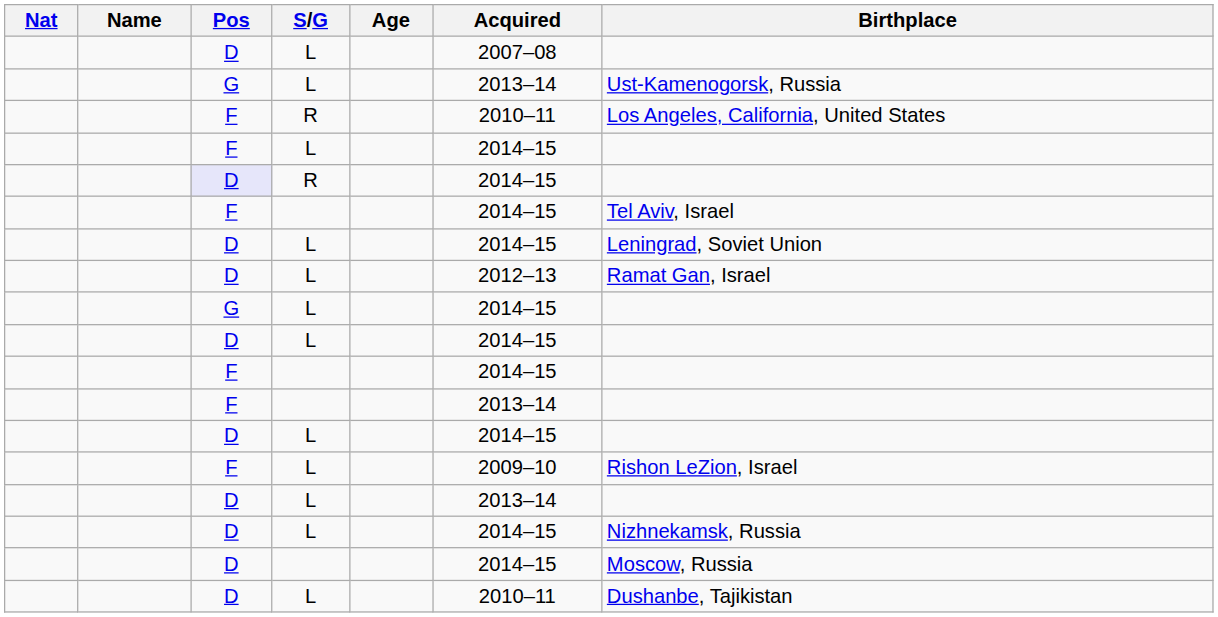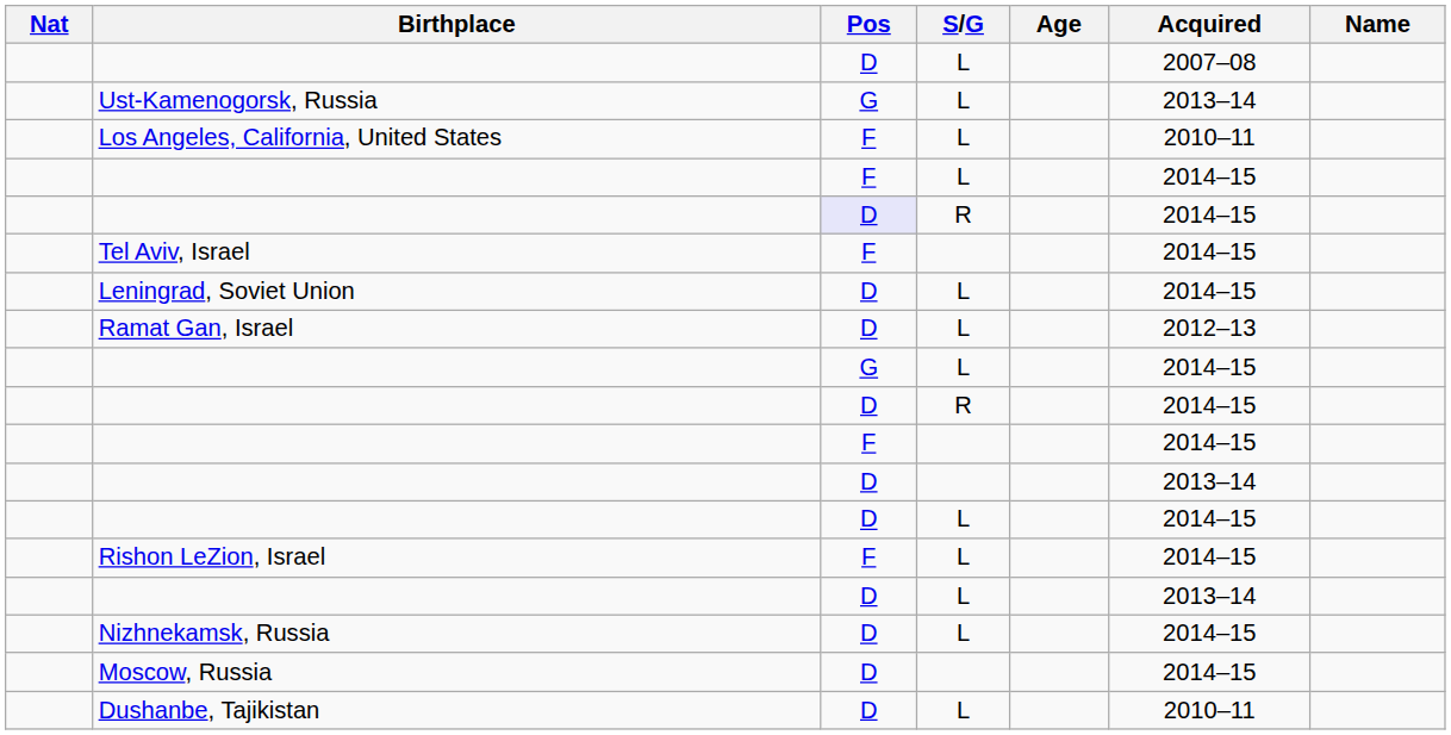 <table class="wikitable sortable" style="width:60em; text-align: center">
 <tr>
 <th><a href='#'>Nat</a></th>
-<th>Name</th>
+<th>Birthplace</th>
 <th><a href='#'>Pos</a></th>
 <th><a href='#'>S</a>/<a href='#'>G</a></th>
 <th>Age</th>
 <th>Acquired</th>
-<th>Birthplace</th>
+<th>Name</th>
 </tr>
 <tr>
 <td></td>
 <td align="left"></td>
 <td><a href='#'>D</a></td>
 <td>L</td>
 <td></td>
 <td>2007–08</td>
 <td align="left"></td>
 </tr>
 <tr>
 <td></td>
-<td align="left"></td>
+<td align="left"><a href='#'>Ust-Kamenogorsk</a>, Russia</td>
 <td><a href='#'>G</a></td>
 <td>L</td>
 <td></td>
 <td>2013–14</td>
-<td align="left"><a href='#'>Ust-Kamenogorsk</a>, Russia</td>
+<td align="left"></td>
 </tr>
 <tr>
 <td></td>
-<td align="left"></td>
+<td align="left"><a href='#'>Los Angeles, California</a>, United States</td>
 <td><a href='#'>F</a></td>
-<td>R</td>
+<td>L</td>
 <td></td>
 <td>2010–11</td>
-<td align="left"><a href='#'>Los Angeles, California</a>, United States</td>
+<td align="left"></td>
 </tr>
 <tr>
 <td></td>
 <td align="left"></td>
 <td><a href='#'>F</a></td>
 <td>L</td>
 <td></td>
 <td>2014–15</td>
 <td align="left"></td>
 </tr>
 <tr>
 <td></td>
 <td align="left"></td>
 <td style="background: lavender;"><a href='#'>D</a></td>
 <td>R</td>
 <td></td>
 <td>2014–15</td>
 <td align="left"></td>
 </tr>
 <tr>
 <td></td>
-<td align="left"></td>
+<td align="left"><a href='#'>Tel Aviv</a>, Israel</td>
 <td><a href='#'>F</a></td>
 <td></td>
 <td></td>
 <td>2014–15</td>
-<td align="left"><a href='#'>Tel Aviv</a>, Israel</td>
+<td align="left"></td>
 </tr>
 <tr>
 <td></td>
-<td align="left"></td>
+<td align="left"><a href='#'>Leningrad</a>, Soviet Union</td>
 <td><a href='#'>D</a></td>
 <td>L</td>
 <td></td>
 <td>2014–15</td>
-<td align="left"><a href='#'>Leningrad</a>, Soviet Union</td>
+<td align="left"></td>
 </tr>
 <tr>
 <td></td>
-<td align="left"></td>
+<td align="left"><a href='#'>Ramat Gan</a>, Israel</td>
 <td><a href='#'>D</a></td>
 <td>L</td>
 <td></td>
 <td>2012–13</td>
-<td align="left"><a href='#'>Ramat Gan</a>, Israel</td>
+<td align="left"></td>
 </tr>
 <tr>
 <td></td>
 <td align="left"></td>
 <td><a href='#'>G</a></td>
 <td>L</td>
 <td></td>
 <td>2014–15</td>
 <td align="left"></td>
 </tr>
 <tr>
 <td></td>
 <td align="left"></td>
 <td><a href='#'>D</a></td>
-<td>L</td>
+<td>R</td>
 <td></td>
 <td>2014–15</td>
 <td align="left"></td>
 </tr>
 <tr>
 <td></td>
 <td align="left"></td>
 <td><a href='#'>F</a></td>
 <td></td>
 <td></td>
 <td>2014–15</td>
 <td align="left"></td>
 </tr>
 <tr>
 <td></td>
 <td align="left"></td>
-<td><a href='#'>F</a></td>
+<td><a href='#'>D</a></td>
 <td></td>
 <td></td>
 <td>2013–14</td>
 <td align="left"></td>
 </tr>
 <tr>
 <td></td>
 <td align="left"></td>
 <td><a href='#'>D</a></td>
 <td>L</td>
 <td></td>
 <td>2014–15</td>
 <td align="left"></td>
 </tr>
 <tr>
 <td></td>
-<td align="left"></td>
+<td align="left"><a href='#'>Rishon LeZion</a>, Israel</td>
 <td><a href='#'>F</a></td>
 <td>L</td>
 <td></td>
-<td>2009–10</td>
-<td align="left"><a href='#'>Rishon LeZion</a>, Israel</td>
+<td>2014–15</td>
+<td align="left"></td>
 </tr>
 <tr>
 <td></td>
 <td align="left"></td>
 <td><a href='#'>D</a></td>
 <td>L</td>
 <td></td>
 <td>2013–14</td>
 <td align="left"></td>
 </tr>
 <tr>
 <td></td>
-<td align="left"></td>
+<td align="left"><a href='#'>Nizhnekamsk</a>, Russia</td>
 <td><a href='#'>D</a></td>
 <td>L</td>
 <td></td>
 <td>2014–15</td>
-<td align="left"><a href='#'>Nizhnekamsk</a>, Russia</td>
+<td align="left"></td>
 </tr>
 <tr>
 <td></td>
-<td align="left"></td>
+<td align="left"><a href='#'>Moscow</a>, Russia</td>
 <td><a href='#'>D</a></td>
 <td></td>
 <td></td>
 <td>2014–15</td>
-<td align="left"><a href='#'>Moscow</a>, Russia</td>
+<td align="left"></td>
 </tr>
 <tr>
 <td></td>
-<td align="left"></td>
+<td align="left"><a href='#'>Dushanbe</a>, Tajikistan</td>
 <td><a href='#'>D</a></td>
 <td>L</td>
 <td></td>
 <td>2010–11</td>
-<td align="left"><a href='#'>Dushanbe</a>, Tajikistan</td>
+<td align="left"></td>
 </tr>
 </table>
